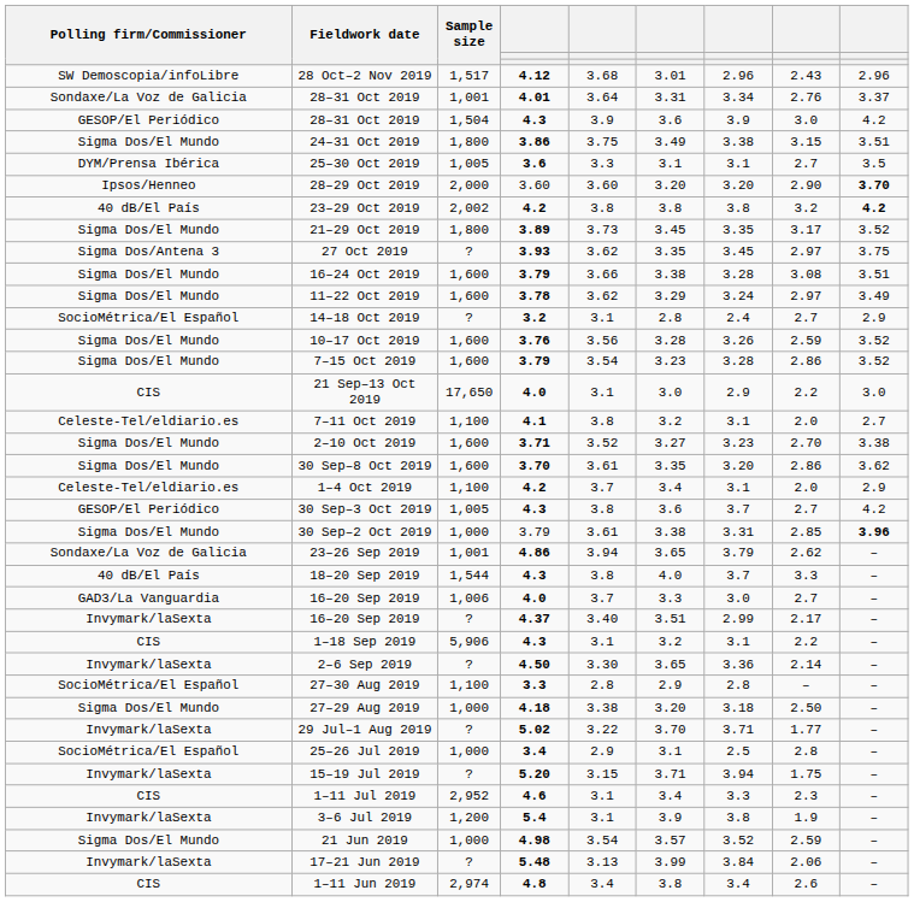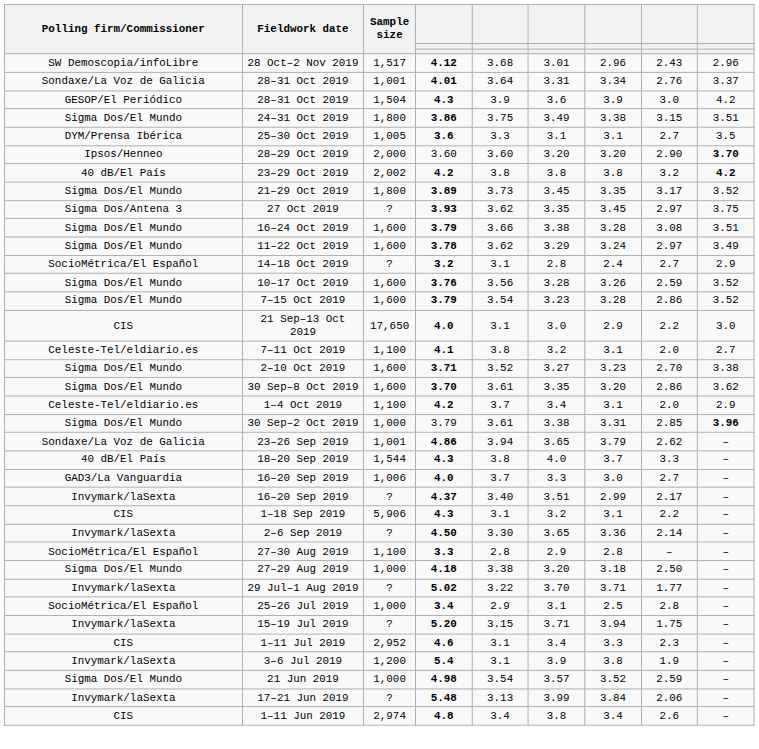 <table class="wikitable collapsible collapsed" style="text-align:center; font-size:90%; line-height:14px;">
 <tr style="height:42px;">
 <th style="width:250px;" rowspan="3">Polling firm/Commissioner</th>
 <th style="width:125px;" rowspan="3">Fieldwork date</th>
 <th style="width:50px;" rowspan="3">Sample size</th>
 <th style="width:55px;"></th>
 <th style="width:55px;"></th>
 <th style="width:55px;"></th>
 <th style="width:55px;"></th>
 <th style="width:55px;"></th>
 <th style="width:55px;"></th>
 </tr>
 <tr>
 <th style="color:inherit;background:"></th>
 <th style="color:inherit;background:"></th>
 <th style="color:inherit;background:"></th>
 <th style="color:inherit;background:"></th>
 <th style="color:inherit;background:"></th>
 <th style="color:inherit;background:"></th>
 </tr>
 <tr>
 <th></th>
 <th></th>
 <th></th>
 <th></th>
 <th></th>
 <th></th>
 </tr>
 <tr>
 <td>SW Demoscopia/infoLibre</td>
 <td>28 Oct–2 Nov 2019</td>
 <td>1,517</td>
 <td><strong>4.12</strong></td>
 <td>3.68</td>
 <td>3.01</td>
 <td>2.96</td>
 <td>2.43</td>
 <td>2.96</td>
 </tr>
 <tr>
 <td>Sondaxe/La Voz de Galicia</td>
 <td>28–31 Oct 2019</td>
 <td>1,001</td>
 <td><strong>4.01</strong></td>
 <td>3.64</td>
 <td>3.31</td>
 <td>3.34</td>
 <td>2.76</td>
 <td>3.37</td>
 </tr>
 <tr>
 <td>GESOP/El Periódico</td>
 <td>28–31 Oct 2019</td>
 <td>1,504</td>
 <td><strong>4.3</strong></td>
 <td>3.9</td>
 <td>3.6</td>
 <td>3.9</td>
 <td>3.0</td>
 <td>4.2</td>
 </tr>
 <tr>
 <td>Sigma Dos/El Mundo</td>
 <td>24–31 Oct 2019</td>
 <td>1,800</td>
 <td><strong>3.86</strong></td>
 <td>3.75</td>
 <td>3.49</td>
 <td>3.38</td>
 <td>3.15</td>
 <td>3.51</td>
 </tr>
 <tr>
 <td>DYM/Prensa Ibérica</td>
 <td>25–30 Oct 2019</td>
 <td>1,005</td>
 <td><strong>3.6</strong></td>
 <td>3.3</td>
 <td>3.1</td>
 <td>3.1</td>
 <td>2.7</td>
 <td>3.5</td>
 </tr>
 <tr>
 <td>Ipsos/Henneo</td>
 <td>28–29 Oct 2019</td>
 <td>2,000</td>
 <td>3.60</td>
 <td>3.60</td>
 <td>3.20</td>
 <td>3.20</td>
 <td>2.90</td>
 <td><strong>3.70</strong></td>
 </tr>
 <tr>
 <td>40 dB/El País</td>
 <td>23–29 Oct 2019</td>
 <td>2,002</td>
 <td><strong>4.2</strong></td>
 <td>3.8</td>
 <td>3.8</td>
 <td>3.8</td>
 <td>3.2</td>
 <td><strong>4.2</strong></td>
 </tr>
 <tr>
 <td>Sigma Dos/El Mundo</td>
 <td>21–29 Oct 2019</td>
 <td>1,800</td>
 <td><strong>3.89</strong></td>
 <td>3.73</td>
 <td>3.45</td>
 <td>3.35</td>
 <td>3.17</td>
 <td>3.52</td>
 </tr>
 <tr>
 <td>Sigma Dos/Antena 3</td>
 <td>27 Oct 2019</td>
 <td>?</td>
 <td><strong>3.93</strong></td>
 <td>3.62</td>
 <td>3.35</td>
 <td>3.45</td>
 <td>2.97</td>
 <td>3.75</td>
 </tr>
 <tr>
 <td>Sigma Dos/El Mundo</td>
 <td>16–24 Oct 2019</td>
 <td>1,600</td>
 <td><strong>3.79</strong></td>
 <td>3.66</td>
 <td>3.38</td>
 <td>3.28</td>
 <td>3.08</td>
 <td>3.51</td>
 </tr>
 <tr>
 <td>Sigma Dos/El Mundo</td>
 <td>11–22 Oct 2019</td>
 <td>1,600</td>
 <td><strong>3.78</strong></td>
 <td>3.62</td>
 <td>3.29</td>
 <td>3.24</td>
 <td>2.97</td>
 <td>3.49</td>
 </tr>
 <tr>
 <td>SocioMétrica/El Español</td>
 <td>14–18 Oct 2019</td>
 <td>?</td>
 <td><strong>3.2</strong></td>
 <td>3.1</td>
 <td>2.8</td>
 <td>2.4</td>
 <td>2.7</td>
 <td>2.9</td>
 </tr>
 <tr>
 <td>Sigma Dos/El Mundo</td>
 <td>10–17 Oct 2019</td>
 <td>1,600</td>
 <td><strong>3.76</strong></td>
 <td>3.56</td>
 <td>3.28</td>
 <td>3.26</td>
 <td>2.59</td>
 <td>3.52</td>
 </tr>
 <tr>
 <td>Sigma Dos/El Mundo</td>
 <td>7–15 Oct 2019</td>
 <td>1,600</td>
 <td><strong>3.79</strong></td>
 <td>3.54</td>
 <td>3.23</td>
 <td>3.28</td>
 <td>2.86</td>
 <td>3.52</td>
 </tr>
 <tr>
 <td>CIS</td>
 <td>21 Sep–13 Oct 2019</td>
 <td>17,650</td>
 <td><strong>4.0</strong></td>
 <td>3.1</td>
 <td>3.0</td>
 <td>2.9</td>
 <td>2.2</td>
 <td>3.0</td>
 </tr>
 <tr>
 <td>Celeste-Tel/eldiario.es</td>
 <td>7–11 Oct 2019</td>
 <td>1,100</td>
 <td><strong>4.1</strong></td>
 <td>3.8</td>
 <td>3.2</td>
 <td>3.1</td>
 <td>2.0</td>
 <td>2.7</td>
 </tr>
 <tr>
 <td>Sigma Dos/El Mundo</td>
 <td>2–10 Oct 2019</td>
 <td>1,600</td>
 <td><strong>3.71</strong></td>
 <td>3.52</td>
 <td>3.27</td>
 <td>3.23</td>
 <td>2.70</td>
 <td>3.38</td>
 </tr>
 <tr>
 <td>Sigma Dos/El Mundo</td>
 <td>30 Sep–8 Oct 2019</td>
 <td>1,600</td>
 <td><strong>3.70</strong></td>
 <td>3.61</td>
 <td>3.35</td>
 <td>3.20</td>
 <td>2.86</td>
 <td>3.62</td>
 </tr>
 <tr>
 <td>Celeste-Tel/eldiario.es</td>
 <td>1–4 Oct 2019</td>
 <td>1,100</td>
 <td><strong>4.2</strong></td>
 <td>3.7</td>
 <td>3.4</td>
 <td>3.1</td>
 <td>2.0</td>
 <td>2.9</td>
 </tr>
 <tr>
-<td>GESOP/El Periódico</td>
-<td>30 Sep–3 Oct 2019</td>
-<td>1,005</td>
-<td><strong>4.3</strong></td>
-<td>3.8</td>
-<td>3.6</td>
-<td>3.7</td>
-<td>2.7</td>
-<td>4.2</td>
-</tr>
-<tr>
 <td>Sigma Dos/El Mundo</td>
 <td>30 Sep–2 Oct 2019</td>
 <td>1,000</td>
 <td>3.79</td>
 <td>3.61</td>
 <td>3.38</td>
 <td>3.31</td>
 <td>2.85</td>
 <td><strong>3.96</strong></td>
 </tr>
 <tr>
 <td>Sondaxe/La Voz de Galicia</td>
 <td>23–26 Sep 2019</td>
 <td>1,001</td>
 <td><strong>4.86</strong></td>
 <td>3.94</td>
 <td>3.65</td>
 <td>3.79</td>
 <td>2.62</td>
 <td>–</td>
 </tr>
 <tr>
 <td>40 dB/El País</td>
 <td>18–20 Sep 2019</td>
 <td>1,544</td>
 <td><strong>4.3</strong></td>
 <td>3.8</td>
 <td>4.0</td>
 <td>3.7</td>
 <td>3.3</td>
 <td>–</td>
 </tr>
 <tr>
 <td>GAD3/La Vanguardia</td>
 <td>16–20 Sep 2019</td>
 <td>1,006</td>
 <td><strong>4.0</strong></td>
 <td>3.7</td>
 <td>3.3</td>
 <td>3.0</td>
 <td>2.7</td>
 <td>–</td>
 </tr>
 <tr>
 <td>Invymark/laSexta</td>
 <td>16–20 Sep 2019</td>
 <td>?</td>
 <td><strong>4.37</strong></td>
 <td>3.40</td>
 <td>3.51</td>
 <td>2.99</td>
 <td>2.17</td>
 <td>–</td>
 </tr>
 <tr>
 <td>CIS</td>
 <td>1–18 Sep 2019</td>
 <td>5,906</td>
 <td><strong>4.3</strong></td>
 <td>3.1</td>
 <td>3.2</td>
 <td>3.1</td>
 <td>2.2</td>
 <td>–</td>
 </tr>
 <tr>
 <td>Invymark/laSexta</td>
 <td>2–6 Sep 2019</td>
 <td>?</td>
 <td><strong>4.50</strong></td>
 <td>3.30</td>
 <td>3.65</td>
 <td>3.36</td>
 <td>2.14</td>
 <td>–</td>
 </tr>
 <tr>
 <td>SocioMétrica/El Español</td>
 <td>27–30 Aug 2019</td>
 <td>1,100</td>
 <td><strong>3.3</strong></td>
 <td>2.8</td>
 <td>2.9</td>
 <td>2.8</td>
 <td>–</td>
 <td>–</td>
 </tr>
 <tr>
 <td>Sigma Dos/El Mundo</td>
 <td>27–29 Aug 2019</td>
 <td>1,000</td>
 <td><strong>4.18</strong></td>
 <td>3.38</td>
 <td>3.20</td>
 <td>3.18</td>
 <td>2.50</td>
 <td>–</td>
 </tr>
 <tr>
 <td>Invymark/laSexta</td>
 <td>29 Jul–1 Aug 2019</td>
 <td>?</td>
 <td><strong>5.02</strong></td>
 <td>3.22</td>
 <td>3.70</td>
 <td>3.71</td>
 <td>1.77</td>
 <td>–</td>
 </tr>
 <tr>
 <td>SocioMétrica/El Español</td>
 <td>25–26 Jul 2019</td>
 <td>1,000</td>
 <td><strong>3.4</strong></td>
 <td>2.9</td>
 <td>3.1</td>
 <td>2.5</td>
 <td>2.8</td>
 <td>–</td>
 </tr>
 <tr>
 <td>Invymark/laSexta</td>
 <td>15–19 Jul 2019</td>
 <td>?</td>
 <td><strong>5.20</strong></td>
 <td>3.15</td>
 <td>3.71</td>
 <td>3.94</td>
 <td>1.75</td>
 <td>–</td>
 </tr>
 <tr>
 <td>CIS</td>
 <td>1–11 Jul 2019</td>
 <td>2,952</td>
 <td><strong>4.6</strong></td>
 <td>3.1</td>
 <td>3.4</td>
 <td>3.3</td>
 <td>2.3</td>
 <td>–</td>
 </tr>
 <tr>
 <td>Invymark/laSexta</td>
 <td>3–6 Jul 2019</td>
 <td>1,200</td>
 <td><strong>5.4</strong></td>
 <td>3.1</td>
 <td>3.9</td>
 <td>3.8</td>
 <td>1.9</td>
 <td>–</td>
 </tr>
 <tr>
 <td>Sigma Dos/El Mundo</td>
 <td>21 Jun 2019</td>
 <td>1,000</td>
 <td><strong>4.98</strong></td>
 <td>3.54</td>
 <td>3.57</td>
 <td>3.52</td>
 <td>2.59</td>
 <td>–</td>
 </tr>
 <tr>
 <td>Invymark/laSexta</td>
 <td>17–21 Jun 2019</td>
 <td>?</td>
 <td><strong>5.48</strong></td>
 <td>3.13</td>
 <td>3.99</td>
 <td>3.84</td>
 <td>2.06</td>
 <td>–</td>
 </tr>
 <tr>
 <td>CIS</td>
 <td>1–11 Jun 2019</td>
 <td>2,974</td>
 <td><strong>4.8</strong></td>
 <td>3.4</td>
 <td>3.8</td>
 <td>3.4</td>
 <td>2.6</td>
 <td>–</td>
 </tr>
 </table>
